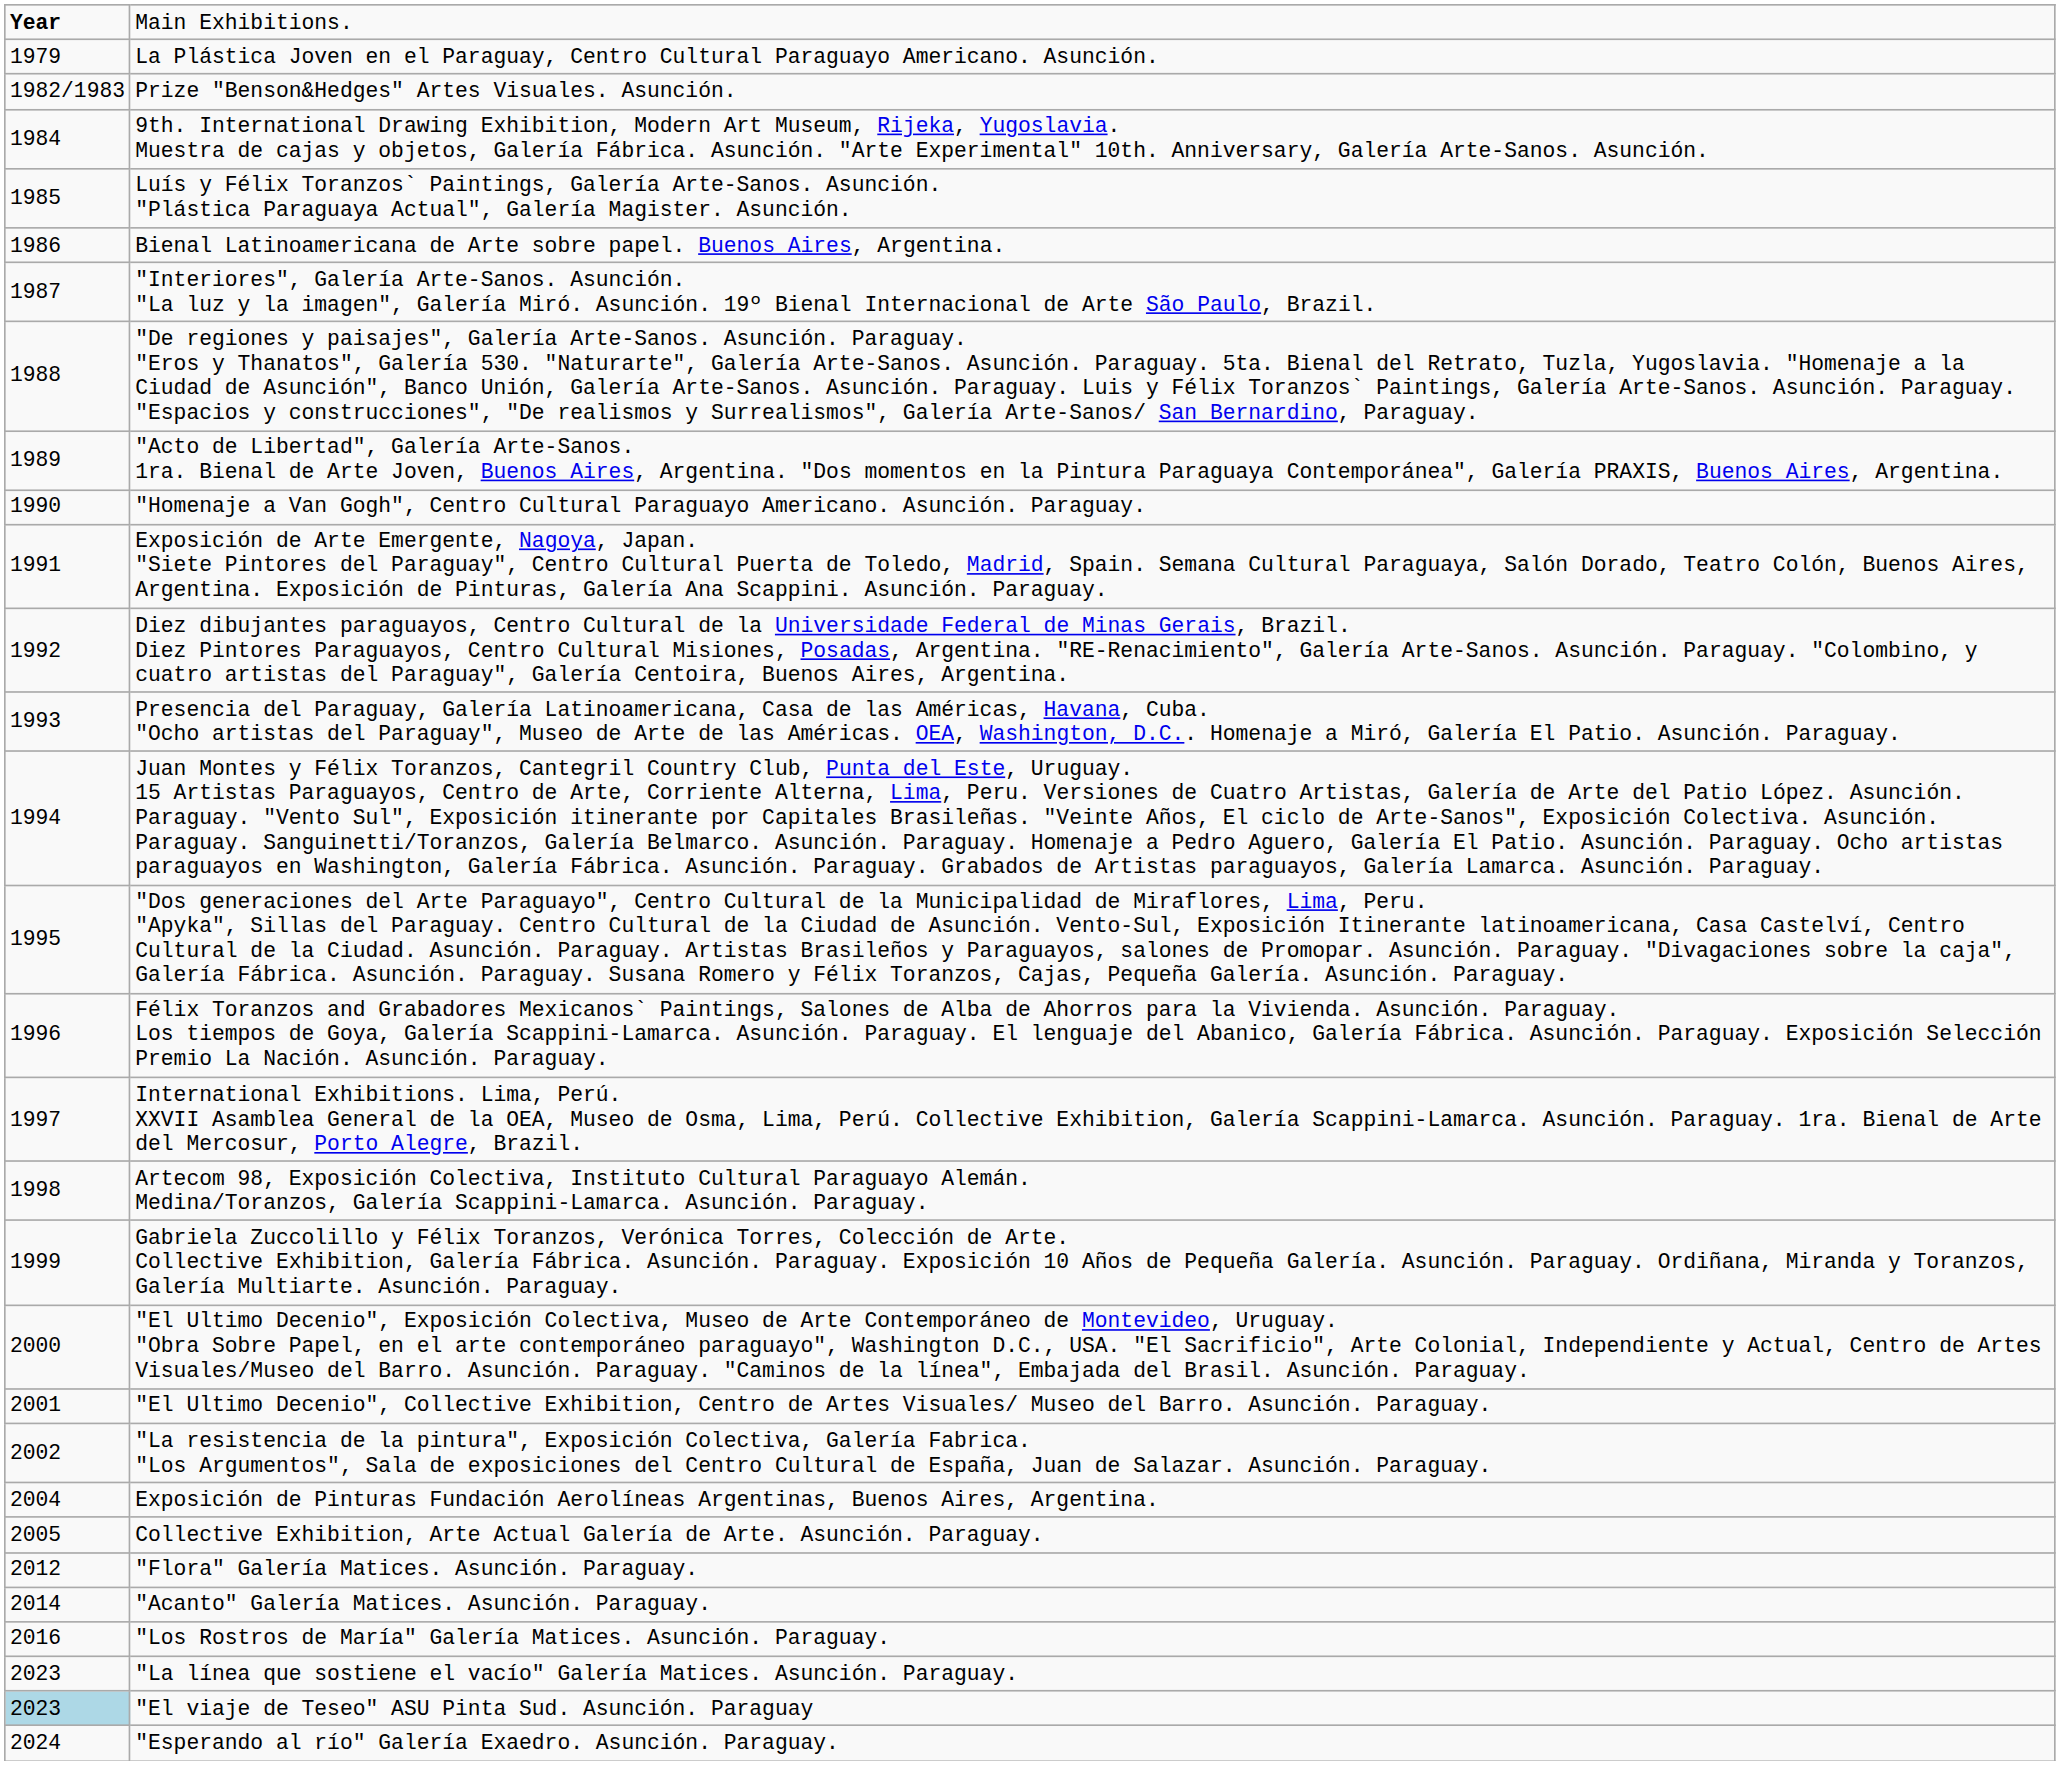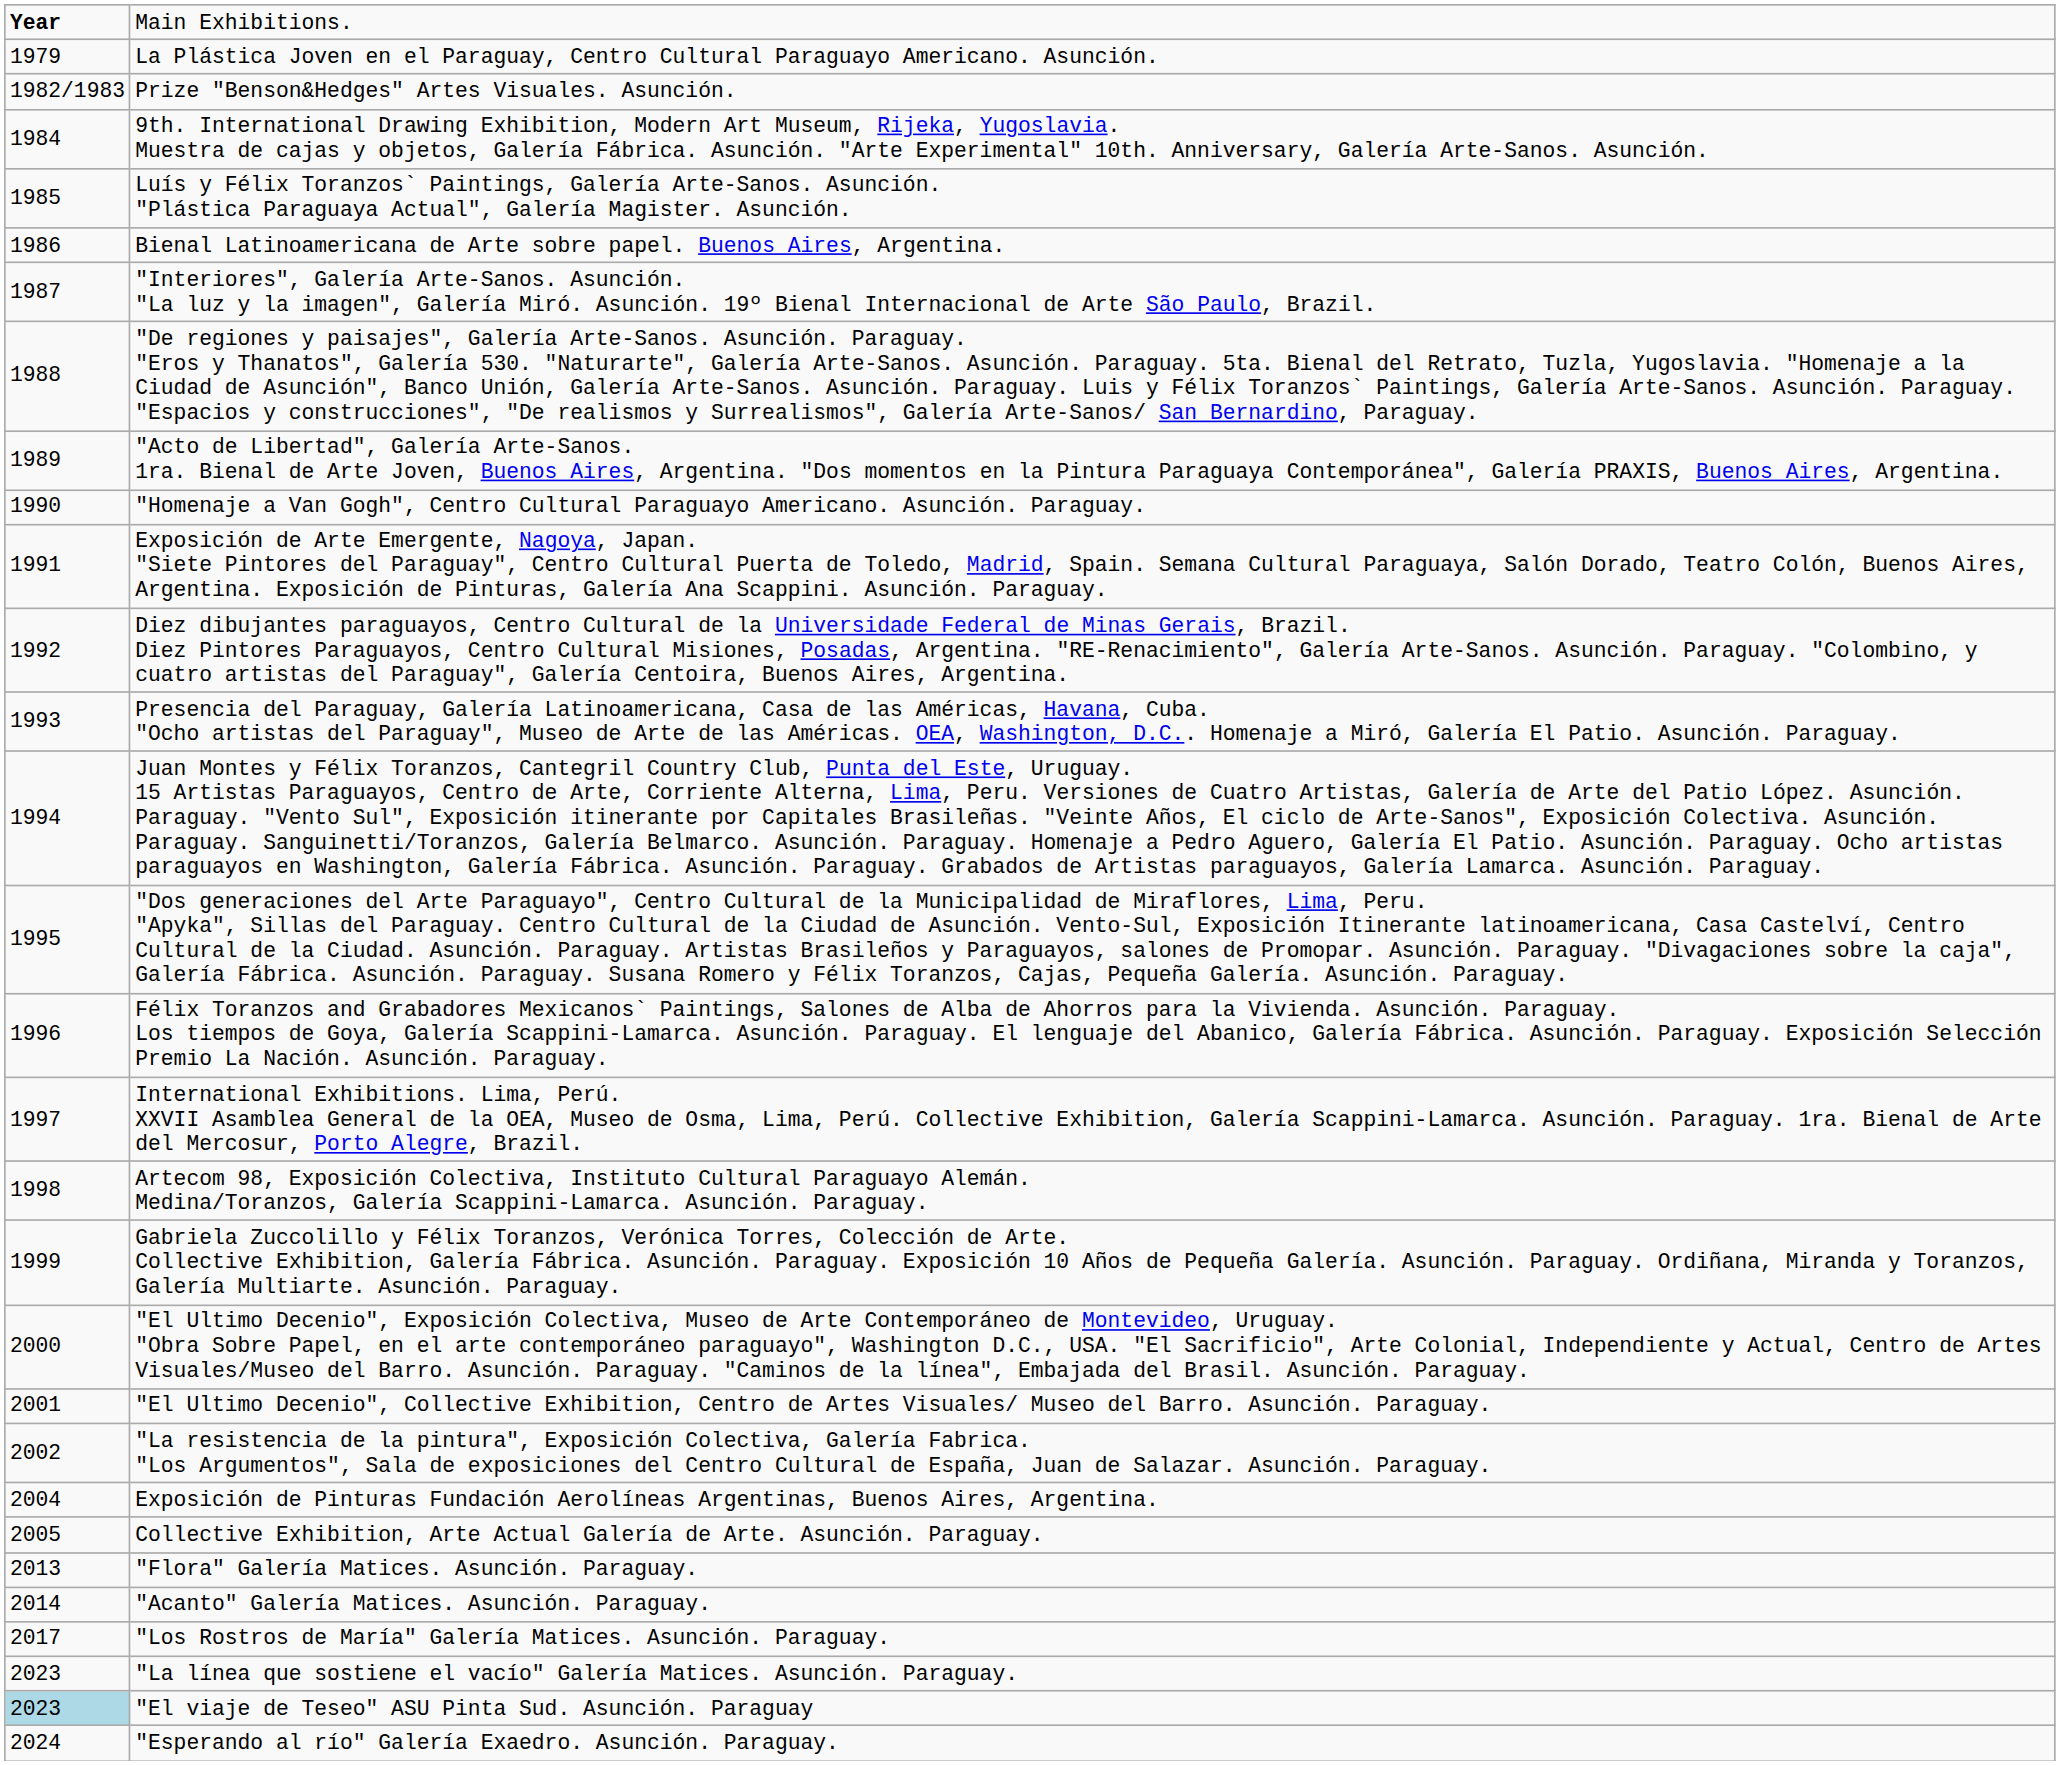 <table class="wikitable">
 <tr>
 <td><strong>Year</strong></td>
 <td>Main Exhibitions.</td>
 </tr>
 <tr -------->
 <td>1979</td>
 <td>La Plástica Joven en el Paraguay, Centro Cultural Paraguayo Americano. Asunción.</td>
 </tr>
 <tr -------->
 <td>1982/1983</td>
 <td>Prize "Benson&Hedges" Artes Visuales. Asunción.</td>
 </tr>
 <tr -------->
 <td>1984</td>
 <td>9th. International Drawing Exhibition, Modern Art Museum, <a href='#'>Rijeka</a>, <a href='#'>Yugoslavia</a>.<br>Muestra de cajas y objetos, Galería Fábrica. Asunción.  "Arte Experimental" 10th. Anniversary, Galería Arte-Sanos. Asunción.</td>
 </tr>
 <tr -------->
 <td>1985</td>
 <td>Luís y Félix Toranzos` Paintings, Galería Arte-Sanos. Asunción.<br>"Plástica Paraguaya Actual", Galería Magister. Asunción.</td>
 </tr>
 <tr -------->
 <td>1986</td>
 <td>Bienal Latinoamericana de Arte sobre papel. <a href='#'>Buenos Aires</a>, Argentina.</td>
 </tr>
 <tr -------->
 <td>1987</td>
 <td>"Interiores", Galería Arte-Sanos. Asunción.<br>"La luz y la imagen", Galería Miró. Asunción. 19º Bienal Internacional de Arte <a href='#'>São Paulo</a>, Brazil.</td>
 </tr>
 <tr -------->
 <td>1988</td>
 <td>"De regiones y paisajes", Galería Arte-Sanos. Asunción. Paraguay.<br>"Eros y Thanatos", Galería 530. "Naturarte", Galería Arte-Sanos. Asunción. Paraguay. 5ta. Bienal del Retrato, Tuzla, Yugoslavia. "Homenaje a la Ciudad de Asunción", Banco Unión, Galería Arte-Sanos. Asunción. Paraguay. Luis y Félix Toranzos` Paintings, Galería Arte-Sanos. Asunción. Paraguay. "Espacios y construcciones", "De realismos y Surrealismos", Galería Arte-Sanos/ <a href='#'>San Bernardino</a>, Paraguay.</td>
 </tr>
 <tr -------->
 <td>1989</td>
 <td>"Acto de Libertad", Galería Arte-Sanos.<br>1ra. Bienal de Arte Joven, <a href='#'>Buenos Aires</a>, Argentina. "Dos momentos en la Pintura Paraguaya Contemporánea", Galería PRAXIS, <a href='#'>Buenos Aires</a>, Argentina.</td>
 </tr>
 <tr -------->
 <td>1990</td>
 <td>"Homenaje a Van Gogh", Centro Cultural Paraguayo Americano. Asunción. Paraguay.</td>
 </tr>
 <tr -------->
 <td>1991</td>
 <td>Exposición de Arte Emergente, <a href='#'>Nagoya</a>, Japan.<br>"Siete Pintores del Paraguay", Centro Cultural Puerta de Toledo, <a href='#'>Madrid</a>, Spain. Semana Cultural Paraguaya, Salón Dorado, Teatro Colón, Buenos Aires, Argentina. Exposición de Pinturas, Galería Ana Scappini. Asunción. Paraguay.</td>
 </tr>
 <tr -------->
 <td>1992</td>
 <td>Diez dibujantes paraguayos, Centro Cultural de la <a href='#'>Universidade Federal de Minas Gerais</a>, Brazil.<br>Diez Pintores Paraguayos, Centro Cultural Misiones, <a href='#'>Posadas</a>, Argentina. "RE-Renacimiento", Galería Arte-Sanos. Asunción. Paraguay. "Colombino, y cuatro artistas del Paraguay", Galería Centoira, Buenos Aires, Argentina.</td>
 </tr>
 <tr -------->
 <td>1993</td>
 <td>Presencia del Paraguay, Galería Latinoamericana, Casa de las Américas, <a href='#'>Havana</a>, Cuba.<br>"Ocho artistas del Paraguay", Museo de Arte de las Américas. <a href='#'>OEA</a>, <a href='#'>Washington, D.C.</a>. Homenaje a Miró, Galería El Patio. Asunción. Paraguay.</td>
 </tr>
 <tr -------->
 <td>1994</td>
 <td>Juan Montes y Félix Toranzos, Cantegril Country Club, <a href='#'>Punta del Este</a>, Uruguay.<br>15 Artistas Paraguayos, Centro de Arte, Corriente Alterna, <a href='#'>Lima</a>, Peru. Versiones de Cuatro Artistas, Galería de Arte del Patio López. Asunción. Paraguay. "Vento Sul", Exposición itinerante por Capitales Brasileñas. "Veinte Años, El ciclo de Arte-Sanos", Exposición Colectiva. Asunción. Paraguay. Sanguinetti/Toranzos, Galería Belmarco. Asunción. Paraguay. Homenaje a Pedro Aguero, Galería El Patio. Asunción. Paraguay. Ocho artistas paraguayos en Washington, Galería Fábrica. Asunción. Paraguay. Grabados de Artistas paraguayos, Galería Lamarca. Asunción. Paraguay.</td>
 </tr>
 <tr -------->
 <td>1995</td>
 <td>"Dos generaciones del Arte Paraguayo", Centro Cultural de la Municipalidad de Miraflores, <a href='#'>Lima</a>, Peru.<br>"Apyka", Sillas del Paraguay. Centro Cultural de la Ciudad de Asunción. Vento-Sul, Exposición Itinerante latinoamericana, Casa Castelví, Centro Cultural de la Ciudad. Asunción. Paraguay. Artistas Brasileños y Paraguayos, salones de Promopar. Asunción. Paraguay. "Divagaciones sobre la caja", Galería Fábrica. Asunción. Paraguay. Susana Romero y Félix Toranzos, Cajas, Pequeña Galería. Asunción. Paraguay.</td>
 </tr>
 <tr -------->
 <td>1996</td>
 <td>Félix Toranzos and Grabadores Mexicanos` Paintings, Salones de Alba de Ahorros para la Vivienda. Asunción. Paraguay.<br>Los tiempos de Goya, Galería Scappini-Lamarca. Asunción. Paraguay. El lenguaje del Abanico, Galería Fábrica. Asunción. Paraguay. Exposición Selección Premio La Nación. Asunción. Paraguay.</td>
 </tr>
 <tr -------->
 <td>1997</td>
 <td>International Exhibitions. Lima, Perú.<br>XXVII Asamblea General de la OEA, Museo de Osma, Lima, Perú. Collective Exhibition, Galería Scappini-Lamarca. Asunción. Paraguay. 1ra. Bienal de Arte del Mercosur, <a href='#'>Porto Alegre</a>, Brazil.</td>
 </tr>
 <tr -------->
 <td>1998</td>
 <td>Artecom 98, Exposición Colectiva, Instituto Cultural Paraguayo Alemán.<br>Medina/Toranzos, Galería Scappini-Lamarca. Asunción. Paraguay.</td>
 </tr>
 <tr -------->
 <td>1999</td>
 <td>Gabriela Zuccolillo y Félix Toranzos, Verónica Torres, Colección de Arte.<br>Collective Exhibition, Galería Fábrica. Asunción. Paraguay. Exposición 10 Años de Pequeña Galería. Asunción. Paraguay. Ordiñana, Miranda y Toranzos, Galería Multiarte. Asunción. Paraguay.</td>
 </tr>
 <tr -------->
 <td>2000</td>
 <td>"El Ultimo Decenio", Exposición Colectiva, Museo de Arte Contemporáneo de <a href='#'>Montevideo</a>, Uruguay.<br>"Obra Sobre Papel, en el arte contemporáneo paraguayo", Washington D.C., USA. "El Sacrificio", Arte Colonial, Independiente y Actual, Centro de Artes Visuales/Museo del Barro. Asunción. Paraguay. "Caminos de la línea", Embajada del Brasil. Asunción. Paraguay.</td>
 </tr>
 <tr -------->
 <td>2001</td>
 <td>"El Ultimo Decenio", Collective Exhibition, Centro de Artes Visuales/ Museo del Barro. Asunción. Paraguay.</td>
 </tr>
 <tr -------->
 <td>2002</td>
 <td>"La resistencia de la pintura", Exposición Colectiva, Galería Fabrica.<br>"Los Argumentos", Sala de exposiciones del Centro Cultural de España, Juan de Salazar. Asunción. Paraguay.</td>
 </tr>
 <tr -------->
 <td>2004</td>
 <td>Exposición de Pinturas Fundación Aerolíneas Argentinas, Buenos Aires, Argentina.</td>
 </tr>
 <tr -------->
 <td>2005</td>
 <td>Collective Exhibition, Arte Actual Galería de Arte. Asunción. Paraguay.</td>
 </tr>
 <tr>
-<td>2012</td>
+<td>2013</td>
 <td>"Flora" Galería Matices. Asunción. Paraguay.</td>
 </tr>
 <tr>
 <td>2014</td>
 <td>"Acanto" Galería Matices. Asunción. Paraguay.</td>
 </tr>
 <tr>
-<td>2016</td>
+<td>2017</td>
 <td>"Los Rostros de María" Galería Matices. Asunción. Paraguay.</td>
 </tr>
 <tr>
 <td>2023</td>
 <td>"La línea que sostiene el vacío" Galería Matices. Asunción. Paraguay.</td>
 </tr>
 <tr>
 <td style="background: lightblue;">2023</td>
 <td>"El viaje de Teseo" ASU Pinta Sud. Asunción. Paraguay</td>
 </tr>
 <tr>
 <td>2024</td>
 <td>"Esperando al río" Galería Exaedro. Asunción. Paraguay.</td>
 </tr>
 </table>
